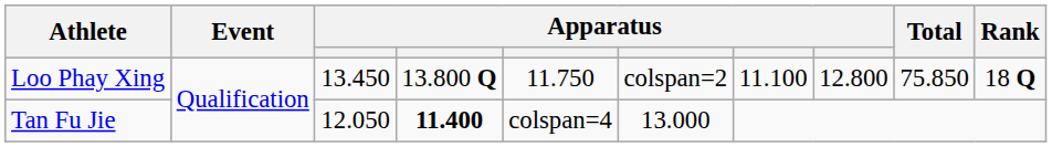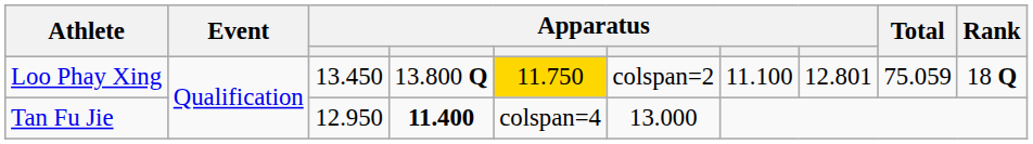 <table class="wikitable" style="font-size:90%">
 <tr>
 <th rowspan=2>Athlete</th>
 <th rowspan=2>Event</th>
 <th colspan=6>Apparatus</th>
 <th rowspan=2>Total</th>
 <th rowspan=2>Rank</th>
 </tr>
 <tr style="font-size:95%">
 <th></th>
 <th></th>
 <th></th>
 <th></th>
 <th></th>
 <th></th>
 </tr>
 <tr align=center>
 <td align=left><a href='#'>Loo Phay Xing</a></td>
 <td align=left rowspan=2><a href='#'>Qualification</a></td>
 <td>13.450</td>
 <td>13.800 <strong>Q</strong></td>
-<td>11.750</td>
+<td style="background: gold;">11.750</td>
 <td>colspan=2</td>
 <td>11.100</td>
-<td>12.800</td>
-<td>75.850</td>
+<td>12.801</td>
+<td>75.059</td>
 <td>18 <strong>Q</strong></td>
 </tr>
 <tr align=center>
 <td align=left><a href='#'>Tan Fu Jie</a></td>
-<td>12.050</td>
+<td>12.950</td>
 <td><strong>11.400</strong></td>
 <td>colspan=4</td>
 <td>13.000</td>
 </tr>
 </table>
